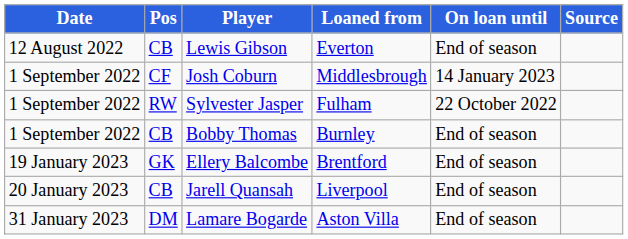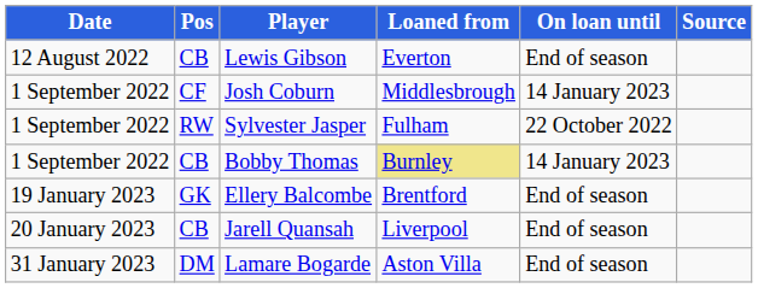 <table class="wikitable plainrowheaders sortable">
 <tr>
 <th style="background:#2B60DE; color:#FFFFFF; ">Date</th>
 <th style="background:#2B60DE; color:#FFFFFF; ">Pos</th>
 <th style="background:#2B60DE; color:#FFFFFF; ">Player</th>
 <th style="background:#2B60DE; color:#FFFFFF; ">Loaned from</th>
 <th style="background:#2B60DE; color:#FFFFFF; ">On loan until</th>
 <th style="background:#2B60DE; color:#FFFFFF; ">Source</th>
 </tr>
 <tr>
 <td>12 August 2022</td>
 <td><a href='#'>CB</a></td>
 <td> <a href='#'>Lewis Gibson</a></td>
 <td> <a href='#'>Everton</a></td>
 <td>End of season</td>
 <td></td>
 </tr>
 <tr>
 <td>1 September 2022</td>
 <td><a href='#'>CF</a></td>
 <td> <a href='#'>Josh Coburn</a></td>
 <td> <a href='#'>Middlesbrough</a></td>
 <td>14 January 2023</td>
 <td></td>
 </tr>
 <tr>
 <td>1 September 2022</td>
 <td><a href='#'>RW</a></td>
 <td> <a href='#'>Sylvester Jasper</a></td>
 <td> <a href='#'>Fulham</a></td>
 <td>22 October 2022</td>
 <td></td>
 </tr>
 <tr>
 <td>1 September 2022</td>
 <td><a href='#'>CB</a></td>
 <td> <a href='#'>Bobby Thomas</a></td>
-<td> <a href='#'>Burnley</a></td>
-<td>End of season</td>
+<td style="background: khaki;"> <a href='#'>Burnley</a></td>
+<td>14 January 2023</td>
 <td></td>
 </tr>
 <tr>
 <td>19 January 2023</td>
 <td><a href='#'>GK</a></td>
 <td> <a href='#'>Ellery Balcombe</a></td>
 <td> <a href='#'>Brentford</a></td>
 <td>End of season</td>
 <td></td>
 </tr>
 <tr>
 <td>20 January 2023</td>
 <td><a href='#'>CB</a></td>
 <td> <a href='#'>Jarell Quansah</a></td>
 <td> <a href='#'>Liverpool</a></td>
 <td>End of season</td>
 <td></td>
 </tr>
 <tr>
 <td>31 January 2023</td>
 <td><a href='#'>DM</a></td>
 <td> <a href='#'>Lamare Bogarde</a></td>
 <td> <a href='#'>Aston Villa</a></td>
 <td>End of season</td>
 <td></td>
 </tr>
 </table>
